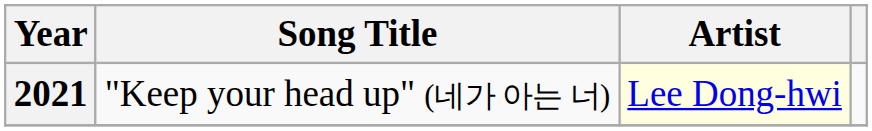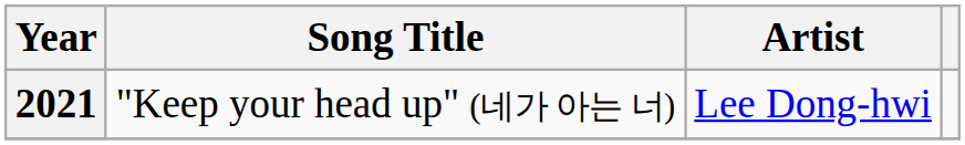 <table class="wikitable sortable plainrowheaders">
 <tr>
 <th scope="col">Year</th>
 <th scope="col">Song Title</th>
 <th scope="col">Artist</th>
 <th scope="col" class="unsortable"></th>
 </tr>
 <tr>
 <th scope="row">2021</th>
 <td>"Keep your head up" <small>(네가 아는 너)</small></td>
-<td style="background: lightyellow;"><a href='#'>Lee Dong-hwi</a></td>
+<td><a href='#'>Lee Dong-hwi</a></td>
 <td></td>
 </tr>
 <tr>
 </tr>
 </table>
